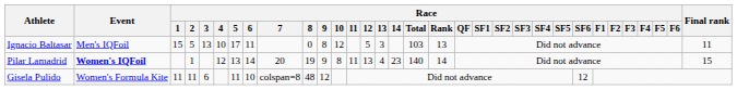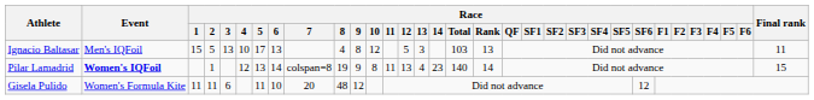 <table class="wikitable" style="font-size:90%">
 <tr>
 <th rowspan="2">Athlete</th>
 <th rowspan="2">Event</th>
 <th colspan=29>Race</th>
 <th rowspan=2>Final rank</th>
 </tr>
 <tr style="font-size:95%">
 <th>1</th>
 <th>2</th>
 <th>3</th>
 <th>4</th>
 <th>5</th>
 <th>6</th>
 <th>7</th>
 <th>8</th>
 <th>9</th>
 <th>10</th>
 <th>11</th>
 <th>12</th>
 <th>13</th>
 <th>14</th>
 <th>Total</th>
 <th>Rank</th>
 <th>QF</th>
 <th>SF1</th>
 <th>SF2</th>
 <th>SF3</th>
 <th>SF4</th>
 <th>SF5</th>
 <th>SF6</th>
 <th>F1</th>
 <th>F2</th>
 <th>F3</th>
 <th>F4</th>
 <th>F5</th>
 <th>F6</th>
 </tr>
 <tr align=center>
 <td align=left><a href='#'>Ignacio Baltasar</a></td>
 <td align=left><a href='#'>Men's IQFoil</a></td>
 <td>15</td>
 <td>5</td>
 <td>13</td>
 <td>10</td>
 <td>17</td>
-<td>11</td>
+<td>13</td>
 <td></td>
-<td>0</td>
+<td>4</td>
 <td>8</td>
 <td>12</td>
 <td></td>
 <td>5</td>
 <td>3</td>
 <td></td>
 <td>103</td>
 <td>13</td>
 <td colspan=13>Did not advance</td>
 <td>11</td>
 </tr>
 <tr align=center>
 <td align=left><a href='#'>Pilar Lamadrid</a></td>
 <td align=left><strong><a href='#'>Women's IQFoil</a></strong></td>
 <td></td>
 <td>1</td>
 <td></td>
 <td>12</td>
 <td>13</td>
 <td>14</td>
-<td>20</td>
+<td>colspan=8 </td>
 <td>19</td>
 <td>9</td>
 <td>8</td>
 <td>11</td>
 <td>13</td>
 <td>4</td>
 <td>23</td>
 <td>140</td>
 <td>14</td>
 <td colspan=13>Did not advance</td>
 <td>15</td>
 </tr>
 <tr align=center>
 <td align=left><a href='#'>Gisela Pulido</a></td>
 <td align=left><a href='#'>Women's Formula Kite</a></td>
 <td>11</td>
 <td>11</td>
 <td>6</td>
 <td></td>
 <td>11</td>
 <td>10</td>
-<td>colspan=8 </td>
+<td>20</td>
 <td>48</td>
 <td>12</td>
 <td></td>
 <td colspan=12>Did not advance</td>
 <td>12</td>
 </tr>
 </table>
